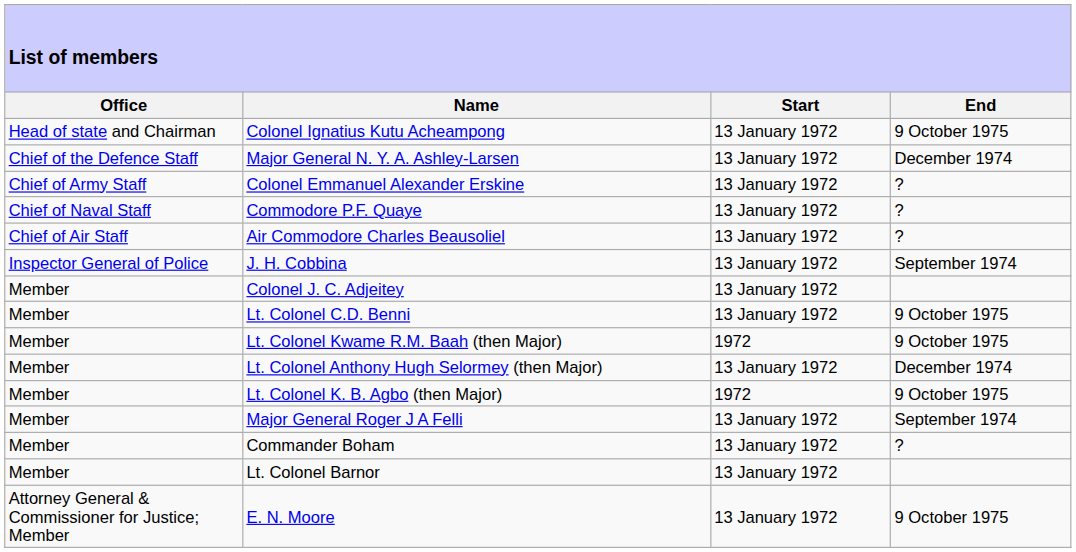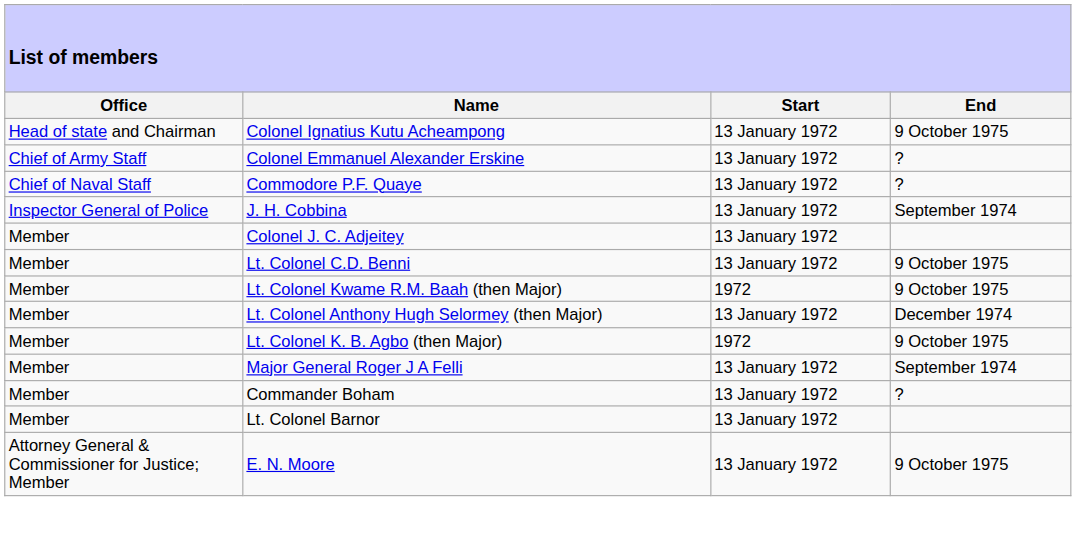 <table class="wikitable" style="font-size:90%; text-align:left; margin:1em auto;">
 <tr>
 <td colspan="4" bgcolor="#ccccff"><br><h3>List of members</h3></td>
 </tr>
 <tr>
 <th width=200>Office</th>
 <th width=400>Name</th>
 <th width=150>Start</th>
 <th width=150>End</th>
 </tr>
 <tr>
 <td><a href='#'>Head of state</a> and Chairman</td>
 <td><a href='#'>Colonel Ignatius Kutu Acheampong</a></td>
 <td>13 January 1972</td>
 <td>9 October 1975</td>
 </tr>
 <tr>
-<td><a href='#'>Chief of the Defence Staff</a></td>
-<td><a href='#'>Major General N. Y. A. Ashley-Larsen</a></td>
-<td>13 January 1972</td>
-<td>December 1974</td>
-</tr>
-<tr>
 <td><a href='#'>Chief of Army Staff</a></td>
 <td><a href='#'>Colonel Emmanuel Alexander Erskine</a></td>
 <td>13 January 1972</td>
 <td>?</td>
 </tr>
 <tr>
 <td><a href='#'>Chief of Naval Staff</a></td>
 <td><a href='#'>Commodore P.F. Quaye</a></td>
-<td>13 January 1972</td>
-<td>?</td>
-</tr>
-<tr>
-<td><a href='#'>Chief of Air Staff</a></td>
-<td><a href='#'>Air Commodore Charles Beausoliel</a></td>
 <td>13 January 1972</td>
 <td>?</td>
 </tr>
 <tr>
 <td><a href='#'>Inspector General of Police</a></td>
 <td><a href='#'>J. H. Cobbina</a></td>
 <td>13 January 1972</td>
 <td>September 1974</td>
 </tr>
 <tr>
 <td>Member</td>
 <td><a href='#'>Colonel J. C. Adjeitey</a></td>
 <td>13 January 1972</td>
 <td></td>
 </tr>
 <tr>
 <td>Member</td>
 <td><a href='#'>Lt. Colonel C.D. Benni</a></td>
 <td>13 January 1972</td>
 <td>9 October 1975</td>
 </tr>
 <tr>
 <td>Member</td>
 <td><a href='#'>Lt. Colonel Kwame R.M. Baah</a> (then Major)</td>
 <td>1972</td>
 <td>9 October 1975</td>
 </tr>
 <tr>
 <td>Member</td>
 <td><a href='#'>Lt. Colonel Anthony Hugh Selormey</a> (then Major)</td>
 <td>13 January 1972</td>
 <td>December 1974</td>
 </tr>
 <tr>
 <td>Member</td>
 <td><a href='#'>Lt. Colonel K. B. Agbo</a> (then Major)</td>
 <td>1972</td>
 <td>9 October 1975</td>
 </tr>
 <tr>
 <td>Member</td>
 <td><a href='#'>Major General Roger J A Felli</a></td>
 <td>13 January 1972</td>
 <td>September 1974</td>
 </tr>
 <tr>
 <td>Member</td>
 <td>Commander Boham</td>
 <td>13 January 1972</td>
 <td>?</td>
 </tr>
 <tr>
 <td>Member</td>
 <td>Lt. Colonel Barnor</td>
 <td>13 January 1972</td>
 <td></td>
 </tr>
 <tr>
 <td>Attorney General & Commissioner for Justice; Member</td>
 <td><a href='#'>E. N. Moore</a></td>
 <td>13 January 1972</td>
 <td>9 October 1975</td>
 </tr>
 </table>
